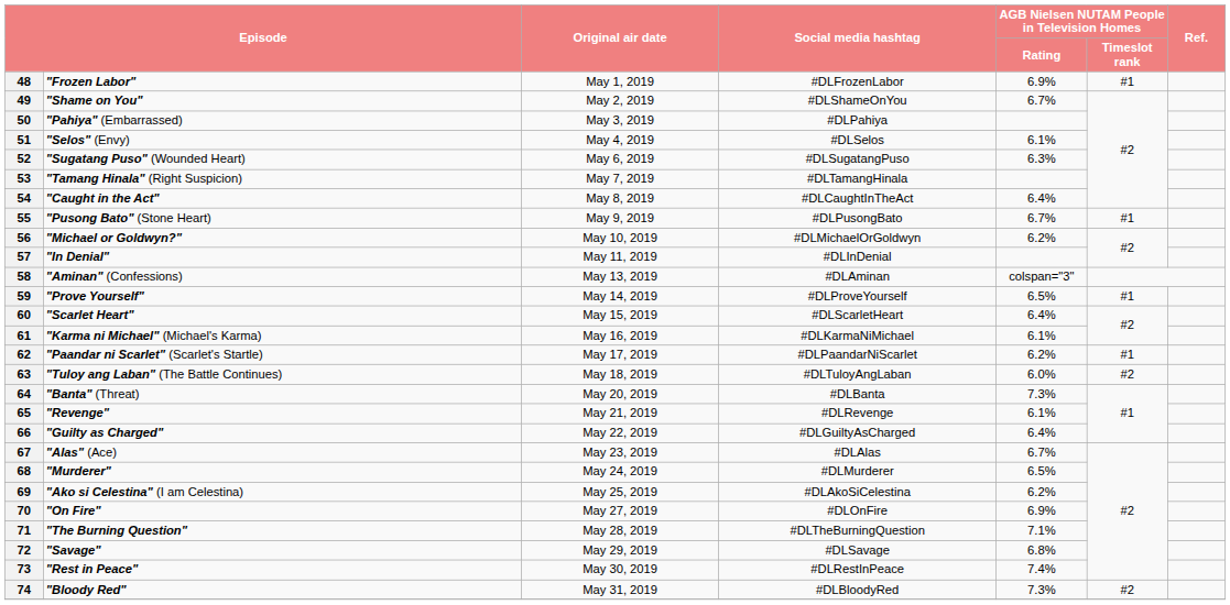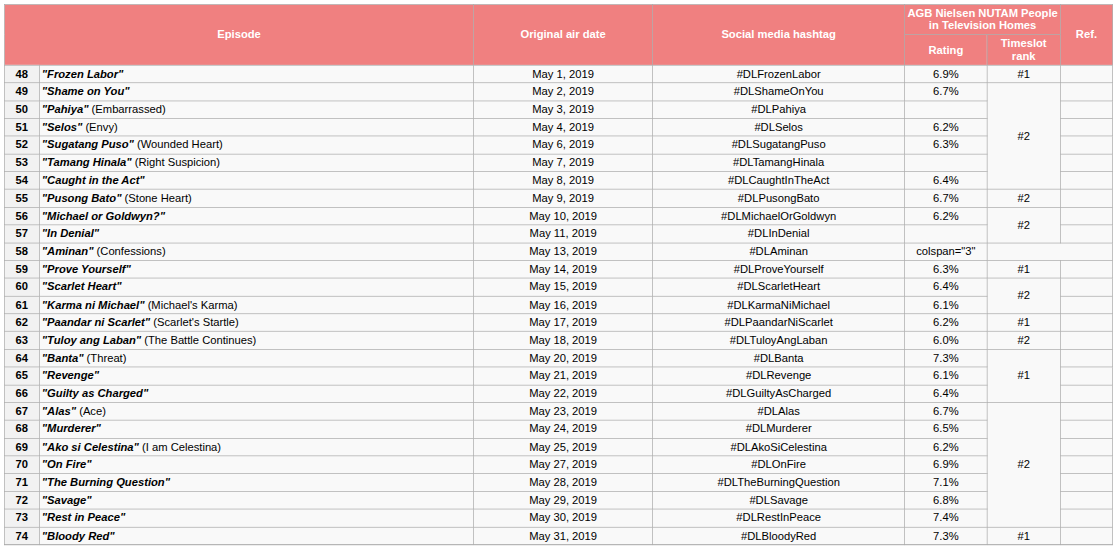 <table class="wikitable" style="text-align:center; font-size:100%; line-height:18px;" width="100%">
 <tr>
 <th style="background-color:#F08080; color:#ffffff;" colspan="2" rowspan="2">Episode</th>
 <th style="background-color:#F08080; color:white" rowspan="2">Original air date</th>
 <th style="background-color:#F08080; color:white" rowspan="2">Social media hashtag</th>
 <th style="background-color:#F08080; color:#ffffff;" colspan="2">AGB Nielsen NUTAM People in Television Homes</th>
 <th style="background-color:#F08080;  color:#ffffff;" rowspan="2">Ref.</th>
 </tr>
 <tr>
 <th style="background-color:#F08080; width:75px; color:#ffffff;">Rating</th>
 <th style="background-color:#F08080;  width:75px; color:#ffffff;">Timeslot<br>rank</th>
 </tr>
 <tr>
 <th>48</th>
 <td style="text-align: left;"><strong><em>"Frozen Labor"</em></strong></td>
 <td>May 1, 2019</td>
 <td>#DLFrozenLabor</td>
 <td>6.9%</td>
 <td>#1</td>
 <td></td>
 </tr>
 <tr>
 <th>49</th>
 <td style="text-align: left;"><strong><em>"Shame on You"</em></strong></td>
 <td>May 2, 2019</td>
 <td>#DLShameOnYou</td>
 <td>6.7%</td>
 <td rowspan="6">#2</td>
 <td></td>
 </tr>
 <tr>
 <th>50</th>
 <td style="text-align: left;"><strong><em>"Pahiya"</em></strong> (Embarrassed)</td>
 <td>May 3, 2019</td>
 <td>#DLPahiya</td>
 <td></td>
 <td></td>
 </tr>
 <tr>
 <th>51</th>
 <td style="text-align: left;"><strong><em>"Selos"</em></strong> (Envy)</td>
 <td>May 4, 2019</td>
 <td>#DLSelos</td>
-<td>6.1%</td>
+<td>6.2%</td>
 <td></td>
 </tr>
 <tr>
 <th>52</th>
 <td style="text-align: left;"><strong><em>"Sugatang Puso"</em></strong> (Wounded Heart)</td>
 <td>May 6, 2019</td>
 <td>#DLSugatangPuso</td>
 <td>6.3%</td>
 <td></td>
 </tr>
 <tr>
 <th>53</th>
 <td style="text-align: left;"><strong><em>"Tamang Hinala"</em></strong> (Right Suspicion)</td>
 <td>May 7, 2019</td>
 <td>#DLTamangHinala</td>
 <td></td>
 <td></td>
 </tr>
 <tr>
 <th>54</th>
 <td style="text-align: left;"><strong><em>"Caught in the Act"</em></strong></td>
 <td>May 8, 2019</td>
 <td>#DLCaughtInTheAct</td>
 <td>6.4%</td>
 <td></td>
 </tr>
 <tr>
 <th>55</th>
 <td style="text-align: left;"><strong><em>"Pusong Bato"</em></strong> (Stone Heart)</td>
 <td>May 9, 2019</td>
 <td>#DLPusongBato</td>
 <td>6.7%</td>
-<td>#1</td>
+<td>#2</td>
 <td></td>
 </tr>
 <tr>
 <th>56</th>
 <td style="text-align: left;"><strong><em>"Michael or Goldwyn?"</em></strong></td>
 <td>May 10, 2019</td>
 <td>#DLMichaelOrGoldwyn</td>
 <td>6.2%</td>
 <td rowspan="2">#2</td>
 <td></td>
 </tr>
 <tr>
 <th>57</th>
 <td style="text-align: left;"><strong><em>"In Denial"</em></strong></td>
 <td>May 11, 2019</td>
 <td>#DLInDenial</td>
 <td></td>
 <td></td>
 </tr>
 <tr>
 <th>58</th>
 <td style="text-align: left;"><strong><em>"Aminan"</em></strong> (Confessions)</td>
 <td>May 13, 2019</td>
 <td>#DLAminan</td>
 <td>colspan="3" </td>
 </tr>
 <tr>
 <th>59</th>
 <td style="text-align: left;"><strong><em>"Prove Yourself"</em></strong></td>
 <td>May 14, 2019</td>
 <td>#DLProveYourself</td>
-<td>6.5%</td>
+<td>6.3%</td>
 <td>#1</td>
 <td></td>
 </tr>
 <tr>
 <th>60</th>
 <td style="text-align: left;"><strong><em>"Scarlet Heart"</em></strong></td>
 <td>May 15, 2019</td>
 <td>#DLScarletHeart</td>
 <td>6.4%</td>
 <td rowspan="2">#2</td>
 <td></td>
 </tr>
 <tr>
 <th>61</th>
 <td style="text-align: left;"><strong><em>"Karma ni Michael"</em></strong> (Michael's Karma)</td>
 <td>May 16, 2019</td>
 <td>#DLKarmaNiMichael</td>
 <td>6.1%</td>
 <td></td>
 </tr>
 <tr>
 <th>62</th>
 <td style="text-align: left;"><strong><em>"Paandar ni Scarlet"</em></strong> (Scarlet's Startle)</td>
 <td>May 17, 2019</td>
 <td>#DLPaandarNiScarlet</td>
 <td>6.2%</td>
 <td>#1</td>
 <td></td>
 </tr>
 <tr>
 <th>63</th>
 <td style="text-align: left;"><strong><em>"Tuloy ang Laban"</em></strong> (The Battle Continues)</td>
 <td>May 18, 2019</td>
 <td>#DLTuloyAngLaban</td>
 <td>6.0%</td>
 <td>#2</td>
 <td></td>
 </tr>
 <tr>
 <th>64</th>
 <td style="text-align: left;"><strong><em>"Banta"</em></strong> (Threat)</td>
 <td>May 20, 2019</td>
 <td>#DLBanta</td>
 <td>7.3%</td>
 <td rowspan="3">#1</td>
 <td></td>
 </tr>
 <tr>
 <th>65</th>
 <td style="text-align: left;"><strong><em>"Revenge"</em></strong></td>
 <td>May 21, 2019</td>
 <td>#DLRevenge</td>
 <td>6.1%</td>
 <td></td>
 </tr>
 <tr>
 <th>66</th>
 <td style="text-align: left;"><strong><em>"Guilty as Charged"</em></strong></td>
 <td>May 22, 2019</td>
 <td>#DLGuiltyAsCharged</td>
 <td>6.4%</td>
 <td></td>
 </tr>
 <tr>
 <th>67</th>
 <td style="text-align: left;"><strong><em>"Alas"</em></strong> (Ace)</td>
 <td>May 23, 2019</td>
 <td>#DLAlas</td>
 <td>6.7%</td>
 <td rowspan="7">#2</td>
 <td></td>
 </tr>
 <tr>
 <th>68</th>
 <td style="text-align: left;"><strong><em>"Murderer"</em></strong></td>
 <td>May 24, 2019</td>
 <td>#DLMurderer</td>
 <td>6.5%</td>
 <td></td>
 </tr>
 <tr>
 <th>69</th>
 <td style="text-align: left;"><strong><em>"Ako si Celestina"</em></strong> (I am Celestina)</td>
 <td>May 25, 2019</td>
 <td>#DLAkoSiCelestina</td>
 <td>6.2%</td>
 <td></td>
 </tr>
 <tr>
 <th>70</th>
 <td style="text-align: left;"><strong><em>"On Fire"</em></strong></td>
 <td>May 27, 2019</td>
 <td>#DLOnFire</td>
 <td>6.9%</td>
 <td></td>
 </tr>
 <tr>
 <th>71</th>
 <td style="text-align: left;"><strong><em>"The Burning Question"</em></strong></td>
 <td>May 28, 2019</td>
 <td>#DLTheBurningQuestion</td>
 <td>7.1%</td>
 <td></td>
 </tr>
 <tr>
 <th>72</th>
 <td style="text-align: left;"><strong><em>"Savage"</em></strong></td>
 <td>May 29, 2019</td>
 <td>#DLSavage</td>
 <td>6.8%</td>
 <td></td>
 </tr>
 <tr>
 <th>73</th>
 <td style="text-align: left;"><strong><em>"Rest in Peace"</em></strong></td>
 <td>May 30, 2019</td>
 <td>#DLRestInPeace</td>
 <td>7.4%</td>
 <td></td>
 </tr>
 <tr>
 <th>74</th>
 <td style="text-align: left;"><strong><em>"Bloody Red"</em></strong></td>
 <td>May 31, 2019</td>
 <td>#DLBloodyRed</td>
 <td>7.3%</td>
-<td>#2</td>
+<td>#1</td>
 <td></td>
 </tr>
 <tr>
 </tr>
 </table>
